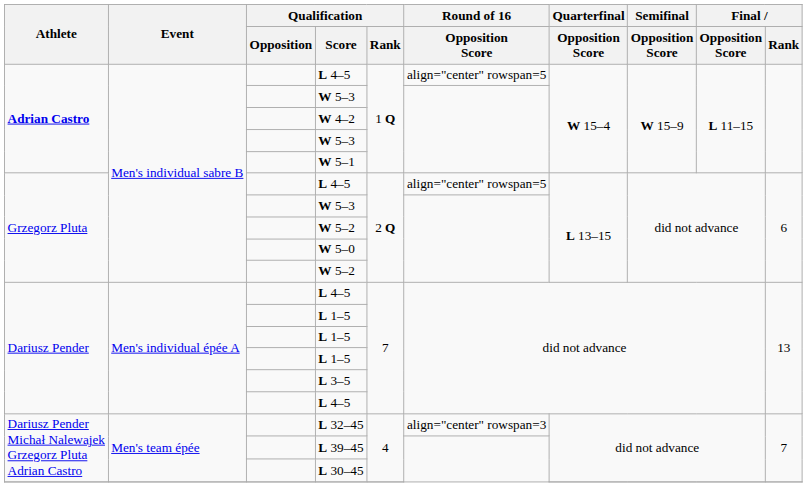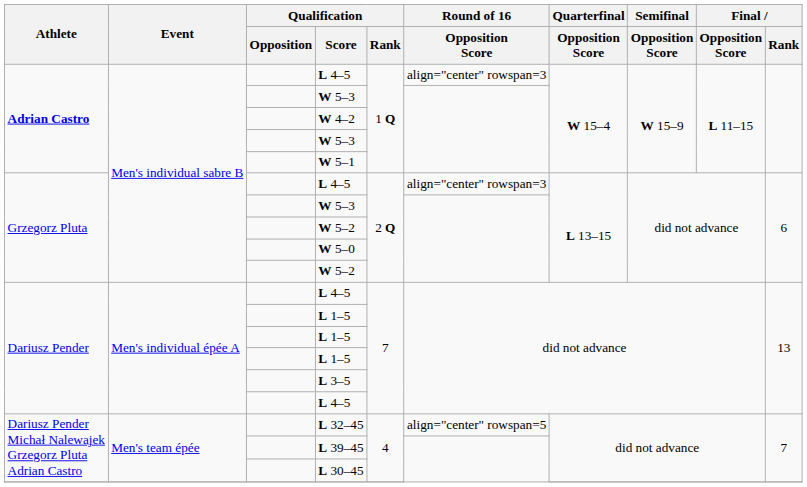 <table class=wikitable style="font-size:90%">
 <tr>
 <th rowspan="2">Athlete</th>
 <th rowspan="2">Event</th>
 <th colspan="3">Qualification</th>
 <th>Round of 16</th>
 <th>Quarterfinal</th>
 <th>Semifinal</th>
 <th colspan="2">Final / </th>
 </tr>
 <tr>
 <th>Opposition</th>
 <th>Score</th>
 <th>Rank</th>
 <th>Opposition<br>Score</th>
 <th>Opposition<br>Score</th>
 <th>Opposition<br>Score</th>
 <th>Opposition<br>Score</th>
 <th>Rank</th>
 </tr>
 <tr>
 <td rowspan=5><strong><a href='#'>Adrian Castro</a></strong></td>
 <td rowspan=10><a href='#'>Men's individual sabre B</a></td>
 <td></td>
 <td><strong>L</strong> 4–5</td>
 <td align="center" rowspan=5>1 <strong>Q</strong></td>
-<td>align="center" rowspan=5</td>
+<td>align="center" rowspan=3</td>
 <td align="center" rowspan=5><br><strong>W</strong> 15–4</td>
 <td align="center" rowspan=5><br><strong>W</strong> 15–9</td>
 <td align="center" rowspan=5><br><strong>L</strong> 11–15</td>
 <td align="center" rowspan=5></td>
 </tr>
 <tr>
 <td></td>
 <td><strong>W</strong> 5–3</td>
 </tr>
 <tr>
 <td></td>
 <td><strong>W</strong> 4–2</td>
 </tr>
 <tr>
 <td></td>
 <td><strong>W</strong> 5–3</td>
 </tr>
 <tr>
 <td></td>
 <td><strong>W</strong> 5–1</td>
 </tr>
 <tr>
 <td rowspan=5><a href='#'>Grzegorz Pluta</a></td>
 <td></td>
 <td><strong>L</strong> 4–5</td>
 <td align="center" rowspan=5>2 <strong>Q</strong></td>
-<td>align="center" rowspan=5</td>
+<td>align="center" rowspan=3</td>
 <td align="center" rowspan=5><br><strong>L</strong> 13–15</td>
 <td align="center" rowspan=5 colspan=2>did not advance</td>
 <td align="center" rowspan=5>6</td>
 </tr>
 <tr>
 <td></td>
 <td><strong>W</strong> 5–3</td>
 </tr>
 <tr>
 <td></td>
 <td><strong>W</strong> 5–2</td>
 </tr>
 <tr>
 <td></td>
 <td><strong>W</strong> 5–0</td>
 </tr>
 <tr>
 <td></td>
 <td><strong>W</strong> 5–2</td>
 </tr>
 <tr>
 <td rowspan=6><a href='#'>Dariusz Pender</a></td>
 <td rowspan=6><a href='#'>Men's individual épée A</a></td>
 <td></td>
 <td><strong>L</strong> 4–5</td>
 <td align="center" rowspan=6>7</td>
 <td align="center" rowspan=6 colspan=4>did not advance</td>
 <td align="center" rowspan=6>13</td>
 </tr>
 <tr>
 <td></td>
 <td><strong>L</strong> 1–5</td>
 </tr>
 <tr>
 <td></td>
 <td><strong>L</strong> 1–5</td>
 </tr>
 <tr>
 <td></td>
 <td><strong>L</strong> 1–5</td>
 </tr>
 <tr>
 <td></td>
 <td><strong>L</strong> 3–5</td>
 </tr>
 <tr>
 <td></td>
 <td><strong>L</strong> 4–5</td>
 </tr>
 <tr>
 <td align=left rowspan=3><a href='#'>Dariusz Pender</a><br><a href='#'>Michał Nalewajek</a><br><a href='#'>Grzegorz Pluta</a><br><a href='#'>Adrian Castro</a></td>
 <td align=left rowspan=3><a href='#'>Men's team épée</a></td>
 <td></td>
 <td><strong>L</strong> 32–45</td>
 <td align="center" rowspan=3>4</td>
-<td>align="center" rowspan=3</td>
+<td>align="center" rowspan=5</td>
 <td align="center" rowspan=3 colspan=3>did not advance</td>
 <td align="center" rowspan=3>7</td>
 </tr>
 <tr>
 <td></td>
 <td><strong>L</strong> 39–45</td>
 </tr>
 <tr>
 <td></td>
 <td><strong>L</strong> 30–45</td>
 </tr>
 <tr>
 </tr>
 </table>
